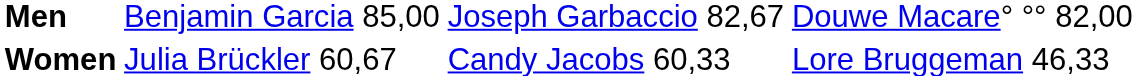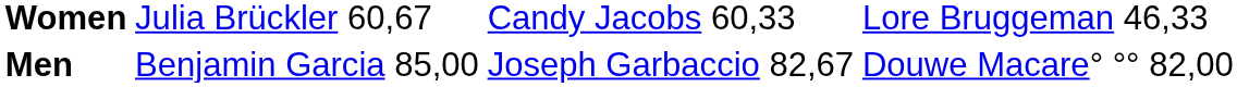 <table>
 <tr bgcolor="#cccccc">
+</tr>
+<tr>
+<th scope=row style="text-align:left"><strong>Women</strong></th>
+<td><a href='#'>Julia Brückler</a>  60,67</td>
+<td><a href='#'>Candy Jacobs</a>  60,33</td>
+<td><a href='#'>Lore Bruggeman</a>  46,33</td>
 </tr>
 <tr>
 <th scope=row style="text-align:left"><strong>Men</strong></th>
 <td><a href='#'>Benjamin Garcia</a>  85,00</td>
 <td><a href='#'>Joseph Garbaccio</a>  82,67</td>
 <td><a href='#'>Douwe Macare</a>° °° 82,00</td>
 </tr>
-<tr>
-<th scope=row style="text-align:left"><strong>Women</strong></th>
-<td><a href='#'>Julia Brückler</a>  60,67</td>
-<td><a href='#'>Candy Jacobs</a>  60,33</td>
-<td><a href='#'>Lore Bruggeman</a>  46,33</td>
-</tr>
 </table>
